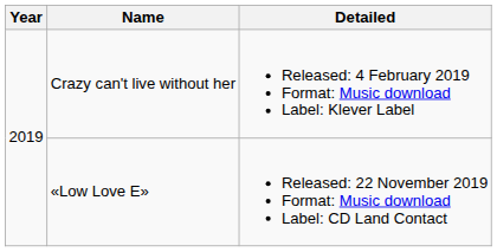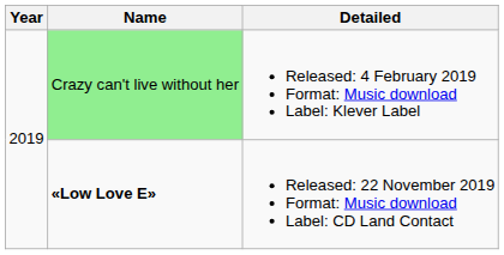 <table class="wikitable">
 <tr>
 <th>Year</th>
 <th>Name</th>
 <th>Detailed</th>
 </tr>
 <tr>
 <td rowspan="2" align="center">2019</td>
-<td>Crazy can't live without her</td>
+<td style="background: lightgreen;">Crazy can't live without her</td>
 <td><br><ul><li>Released: 4 February 2019</li><li>Format: <a href='#'>Music download</a></li><li>Label: Klever Label</li></ul></td>
 </tr>
 <tr>
-<td>«Low Love E»</td>
+<td><strong>«Low Love E»</strong></td>
 <td><br><ul><li>Released: 22 November 2019</li><li>Format: <a href='#'>Music download</a></li><li>Label:  CD Land Contact</li></ul></td>
 </tr>
 </table>
